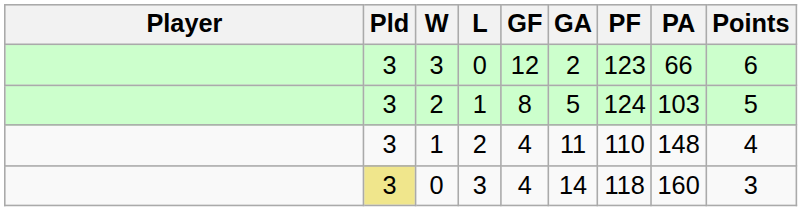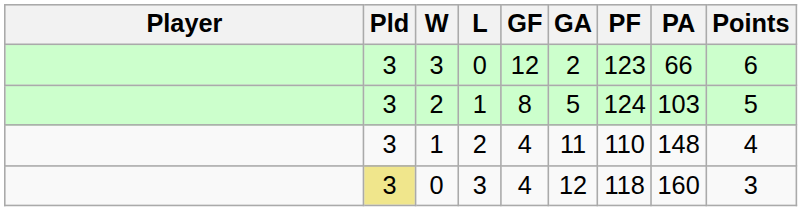 <table class=wikitable style="text-align:center">
 <tr>
 <th width=220>Player</th>
 <th width=20>Pld</th>
 <th width=20>W</th>
 <th width=20>L</th>
 <th width=20>GF</th>
 <th width=20>GA</th>
 <th width=20>PF</th>
 <th width=20>PA</th>
 <th width=50>Points</th>
 </tr>
 <tr bgcolor="#ccffcc">
 <td align=left></td>
 <td>3</td>
 <td>3</td>
 <td>0</td>
 <td>12</td>
 <td>2</td>
 <td>123</td>
 <td>66</td>
 <td>6</td>
 </tr>
 <tr bgcolor="#ccffcc">
 <td align=left></td>
 <td>3</td>
 <td>2</td>
 <td>1</td>
 <td>8</td>
 <td>5</td>
 <td>124</td>
 <td>103</td>
 <td>5</td>
 </tr>
 <tr>
 <td align=left></td>
 <td>3</td>
 <td>1</td>
 <td>2</td>
 <td>4</td>
 <td>11</td>
 <td>110</td>
 <td>148</td>
 <td>4</td>
 </tr>
 <tr>
 <td align=left></td>
 <td style="background: khaki;">3</td>
 <td>0</td>
 <td>3</td>
 <td>4</td>
-<td>14</td>
+<td>12</td>
 <td>118</td>
 <td>160</td>
 <td>3</td>
 </tr>
 </table>
